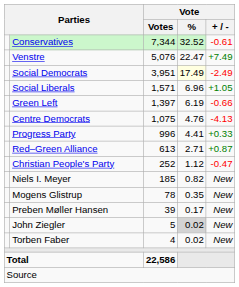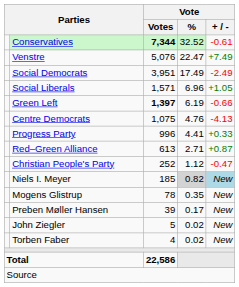 <table class="wikitable" style="text-align:right;">
 <tr>
 <th style="text-align:centre;" rowspan="2" colspan="2" width="225">Parties</th>
 <th colspan="3">Vote</th>
 </tr>
 <tr>
 <th width="15">Votes</th>
 <th width="15">%</th>
 <th width="15">+ / -</th>
 </tr>
 <tr>
 <td width="2" style="color:inherit;background:"></td>
 <td bgcolor=#ccf7cc  align="left"><a href='#'>Conservatives</a></td>
-<td bgcolor=#ccf7cc>7,344</td>
+<td bgcolor=#ccf7cc><strong>7,344</strong></td>
 <td bgcolor=#ccf7cc>32.52</td>
 <td style=color:red;>-0.61</td>
 </tr>
 <tr>
 <td width="2" style="color:inherit;background:"></td>
 <td align="left"><a href='#'>Venstre</a></td>
 <td>5,076</td>
 <td>22.47</td>
 <td style=color:green;>+7.49</td>
 </tr>
 <tr>
 <td width="2" style="color:inherit;background:"></td>
 <td align="left"><a href='#'>Social Democrats</a></td>
 <td>3,951</td>
-<td style="background: lightyellow;">17.49</td>
+<td>17.49</td>
 <td style=color:red;>-2.49</td>
 </tr>
 <tr>
 <td width="2" style="color:inherit;background:"></td>
 <td align="left"><a href='#'>Social Liberals</a></td>
 <td>1,571</td>
 <td>6.96</td>
 <td style=color:green;>+1.05</td>
 </tr>
 <tr>
 <td width="2" style="color:inherit;background:"></td>
 <td align="left"><a href='#'>Green Left</a></td>
-<td>1,397</td>
+<td><strong>1,397</strong></td>
 <td>6.19</td>
 <td style=color:red;>-0.66</td>
 </tr>
 <tr>
 <td width="2" style="color:inherit;background:"></td>
 <td align="left"><a href='#'>Centre Democrats</a></td>
 <td>1,075</td>
 <td>4.76</td>
 <td style=color:red;>-4.13</td>
 </tr>
 <tr>
 <td width="2" style="color:inherit;background:"></td>
 <td align="left"><a href='#'>Progress Party</a></td>
 <td>996</td>
 <td>4.41</td>
 <td style=color:green;>+0.33</td>
 </tr>
 <tr>
 <td width="2" style="color:inherit;background:"></td>
 <td align="left"><a href='#'>Red–Green Alliance</a></td>
 <td>613</td>
 <td>2.71</td>
 <td style=color:green;>+0.87</td>
 </tr>
 <tr>
 <td width="2" style="color:inherit;background:"></td>
 <td align="left"><a href='#'>Christian People's Party</a></td>
 <td>252</td>
 <td>1.12</td>
 <td style=color:red;>-0.47</td>
 </tr>
 <tr>
 <td width="2" style="color:inherit;background:"></td>
 <td align="left">Niels I. Meyer</td>
 <td>185</td>
-<td>0.82</td>
-<td><em>New</em></td>
+<td style="background: lightgrey;">0.82</td>
+<td style="background: lightblue;"><em>New</em></td>
 </tr>
 <tr>
 <td width="2" style="color:inherit;background:"></td>
 <td align="left">Mogens Glistrup</td>
 <td>78</td>
 <td>0.35</td>
 <td><em>New</em></td>
 </tr>
 <tr>
 <td width="2" style="color:inherit;background:"></td>
 <td align="left">Preben Møller Hansen</td>
 <td>39</td>
 <td>0.17</td>
 <td><em>New</em></td>
 </tr>
 <tr>
 <td width="2" style="color:inherit;background:"></td>
 <td align="left">John Ziegler</td>
 <td>5</td>
-<td style="background: lightgrey;">0.02</td>
+<td>0.02</td>
 <td><em>New</em></td>
 </tr>
 <tr>
 <td width="2" style="color:inherit;background:"></td>
 <td align="left">Torben Faber</td>
 <td>4</td>
 <td>0.02</td>
 <td><em>New</em></td>
 </tr>
 <tr>
 <td colspan="7" bgcolor="#E9E9E9"></td>
 </tr>
 <tr>
 <td align="left" colspan="2"><strong>Total</strong></td>
 <td><strong>22,586</strong></td>
 <td bgcolor="#E9E9E9" colspan="2"></td>
 </tr>
 <tr>
 <td align="left" colspan="6">Source</td>
 </tr>
 </table>
